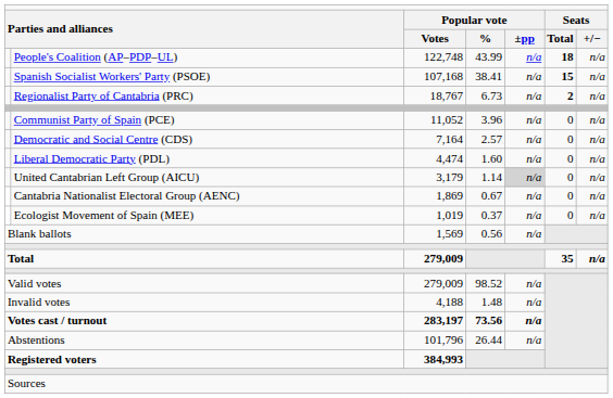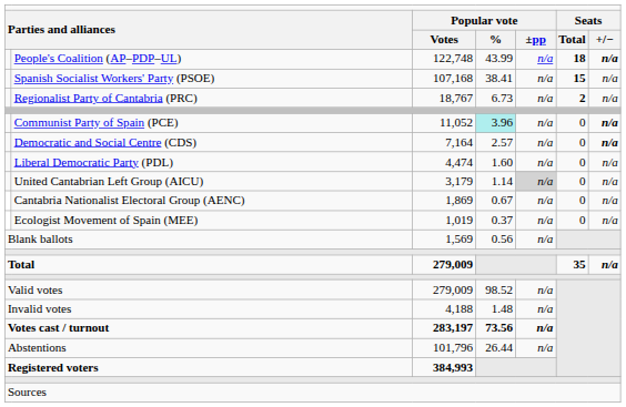 <table class="wikitable" style="text-align:right;">
 <tr>
 <td colspan="7"></td>
 </tr>
 <tr>
 <th style="text-align:left;" rowspan="2" colspan="2" width="525">Parties and alliances</th>
 <th colspan="3">Popular vote</th>
 <th colspan="2">Seats</th>
 </tr>
 <tr>
 <th width="75">Votes</th>
 <th width="45">%</th>
 <th width="45">±<a href='#'>pp</a></th>
 <th width="35">Total</th>
 <th width="35">+/−</th>
 </tr>
 <tr>
 <td width="1" style="color:inherit;background:"></td>
 <td align="left"><a href='#'>People's Coalition</a> (<a href='#'>AP</a>–<a href='#'>PDP</a>–<a href='#'>UL</a>)</td>
 <td>122,748</td>
 <td>43.99</td>
 <td><em><a href='#'>n/a</a></em></td>
 <td><strong>18</strong></td>
-<td><em>n/a</em></td>
+<td><strong><em>n/a</em></strong></td>
 </tr>
 <tr>
 <td style="color:inherit;background:"></td>
 <td align="left"><a href='#'>Spanish Socialist Workers' Party</a> (PSOE)</td>
 <td>107,168</td>
 <td>38.41</td>
 <td><em>n/a</em></td>
 <td><strong>15</strong></td>
 <td><em>n/a</em></td>
 </tr>
 <tr>
 <td style="color:inherit;background:"></td>
 <td align="left"><a href='#'>Regionalist Party of Cantabria</a> (PRC)</td>
 <td>18,767</td>
 <td>6.73</td>
 <td><em>n/a</em></td>
 <td><strong>2</strong></td>
 <td><em>n/a</em></td>
 </tr>
 <tr>
 <td colspan="7" bgcolor="#C0C0C0"></td>
 </tr>
 <tr>
 <td style="color:inherit;background:"></td>
 <td align="left"><a href='#'>Communist Party of Spain</a> (PCE)</td>
 <td>11,052</td>
-<td>3.96</td>
+<td style="background: paleturquoise;">3.96</td>
 <td><em>n/a</em></td>
 <td>0</td>
-<td><em>n/a</em></td>
+<td><strong><em>n/a</em></strong></td>
 </tr>
 <tr>
 <td style="color:inherit;background:"></td>
 <td align="left"><a href='#'>Democratic and Social Centre</a> (CDS)</td>
 <td>7,164</td>
 <td>2.57</td>
 <td><em>n/a</em></td>
 <td>0</td>
-<td><em>n/a</em></td>
+<td><strong><em>n/a</em></strong></td>
 </tr>
 <tr>
 <td style="color:inherit;background:"></td>
 <td align="left"><a href='#'>Liberal Democratic Party</a> (PDL)</td>
 <td>4,474</td>
 <td>1.60</td>
 <td><em>n/a</em></td>
 <td>0</td>
 <td><em>n/a</em></td>
 </tr>
 <tr>
 <td style="color:inherit;background:"></td>
 <td align="left">United Cantabrian Left Group (AICU)</td>
 <td>3,179</td>
 <td>1.14</td>
 <td style="background: lightgrey;"><em>n/a</em></td>
 <td>0</td>
 <td><em>n/a</em></td>
 </tr>
 <tr>
 <td bgcolor="white"></td>
 <td align="left">Cantabria Nationalist Electoral Group (AENC)</td>
 <td>1,869</td>
 <td>0.67</td>
 <td><em>n/a</em></td>
 <td>0</td>
 <td><em>n/a</em></td>
 </tr>
 <tr>
 <td bgcolor="white"></td>
 <td align="left">Ecologist Movement of Spain (MEE)</td>
 <td>1,019</td>
 <td>0.37</td>
 <td><em>n/a</em></td>
 <td>0</td>
 <td><em>n/a</em></td>
 </tr>
 <tr>
 <td align="left" colspan="2">Blank ballots</td>
 <td>1,569</td>
 <td>0.56</td>
 <td><em>n/a</em></td>
 <td bgcolor="#E9E9E9" colspan="2"></td>
 </tr>
 <tr>
 <td colspan="7" bgcolor="#E9E9E9"></td>
 </tr>
 <tr style="font-weight:bold;">
 <td align="left" colspan="2">Total</td>
 <td>279,009</td>
 <td bgcolor="#E9E9E9" colspan="2"></td>
 <td>35</td>
 <td><em>n/a</em></td>
 </tr>
 <tr>
 <td colspan="7" bgcolor="#E9E9E9"></td>
 </tr>
 <tr>
 <td align="left" colspan="2">Valid votes</td>
 <td>279,009</td>
 <td>98.52</td>
 <td><em>n/a</em></td>
 <td bgcolor="#E9E9E9" colspan="2" rowspan="5"></td>
 </tr>
 <tr>
 <td align="left" colspan="2">Invalid votes</td>
 <td>4,188</td>
 <td>1.48</td>
 <td><em>n/a</em></td>
 </tr>
 <tr style="font-weight:bold;">
 <td align="left" colspan="2">Votes cast / turnout</td>
 <td>283,197</td>
 <td>73.56</td>
 <td><em>n/a</em></td>
 </tr>
 <tr>
 <td align="left" colspan="2">Abstentions</td>
 <td>101,796</td>
 <td>26.44</td>
 <td><em>n/a</em></td>
 </tr>
 <tr style="font-weight:bold;">
 <td align="left" colspan="2">Registered voters</td>
 <td>384,993</td>
 <td bgcolor="#E9E9E9" colspan="2"></td>
 </tr>
 <tr>
 <td colspan="7" bgcolor="#E9E9E9"></td>
 </tr>
 <tr>
 <td align="left" colspan="7">Sources</td>
 </tr>
 </table>
